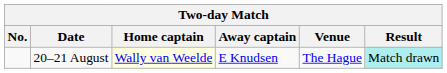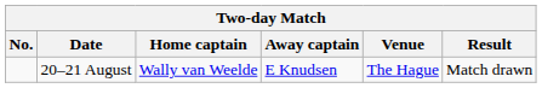 <table class="wikitable">
 <tr>
 <th colspan="9">Two-day Match</th>
 </tr>
 <tr>
 <th>No.</th>
 <th>Date</th>
 <th>Home captain</th>
 <th>Away captain</th>
 <th>Venue</th>
 <th>Result</th>
 </tr>
 <tr>
 <td></td>
 <td>20–21 August</td>
-<td style="background: lightyellow;"><a href='#'>Wally van Weelde</a></td>
+<td><a href='#'>Wally van Weelde</a></td>
 <td><a href='#'>E Knudsen</a></td>
 <td><a href='#'>The Hague</a></td>
-<td style="background: paleturquoise;">Match drawn</td>
+<td>Match drawn</td>
 </tr>
 </table>
